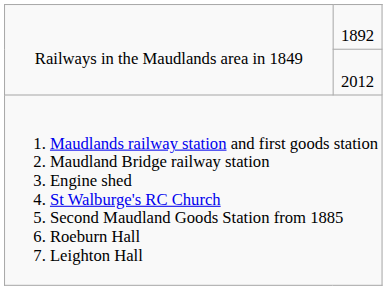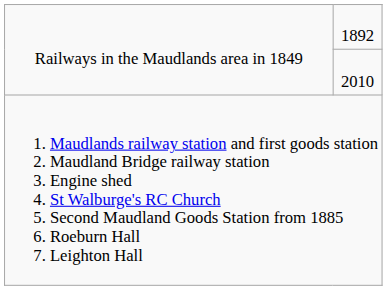 <table class="wikitable">
 <tr>
 <td rowspan="2" style="text-align: center"><br>Railways in the Maudlands area in 1849</td>
 <td style="text-align: center"><br>1892</td>
 </tr>
 <tr>
-<td style="text-align: center"><br>2012</td>
+<td style="text-align: center"><br>2010</td>
 </tr>
 <tr>
 <td colspan="2"><br><ol><li><a href='#'>Maudlands railway station</a> and first goods station</li><li>Maudland Bridge railway station</li><li>Engine shed</li><li><a href='#'>St Walburge's RC Church</a></li><li>Second Maudland Goods Station from 1885</li><li>Roeburn Hall</li><li>Leighton Hall</li></ol></td>
 </tr>
 </table>
